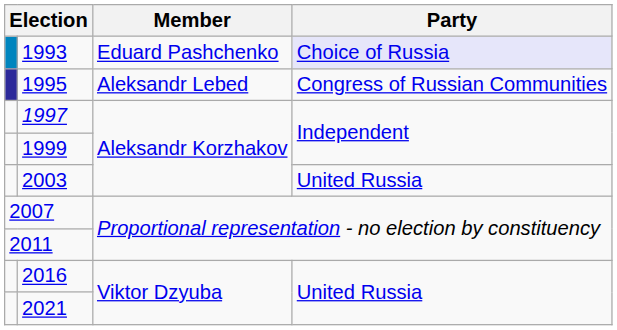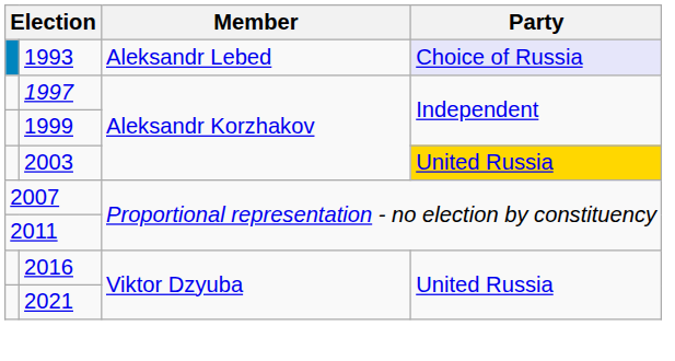 <table class="wikitable">
 <tr>
 <th colspan="2">Election</th>
 <th>Member</th>
 <th>Party</th>
 </tr>
 <tr>
 <td style="background-color:#0085BE"></td>
 <td><a href='#'>1993</a></td>
-<td><a href='#'>Eduard Pashchenko</a></td>
+<td><a href='#'>Aleksandr Lebed</a></td>
 <td style="background: lavender;"><a href='#'>Choice of Russia</a></td>
-</tr>
-<tr>
-<td style="background-color:#2C299A"></td>
-<td><a href='#'>1995</a></td>
-<td><a href='#'>Aleksandr Lebed</a></td>
-<td><a href='#'>Congress of Russian Communities</a></td>
 </tr>
 <tr>
 <td style="background-color:"></td>
 <td><em><a href='#'>1997</a></em></td>
 <td rowspan=3><a href='#'>Aleksandr Korzhakov</a></td>
 <td rowspan=2><a href='#'>Independent</a></td>
 </tr>
 <tr>
 <td style="background-color:"></td>
 <td><a href='#'>1999</a></td>
 </tr>
 <tr>
 <td style="background-color:"></td>
 <td><a href='#'>2003</a></td>
-<td><a href='#'>United Russia</a></td>
+<td style="background: gold;"><a href='#'>United Russia</a></td>
 </tr>
 <tr>
 <td colspan=2><a href='#'>2007</a></td>
 <td colspan=2 rowspan=2><em><a href='#'>Proportional representation</a> - no election by constituency</em></td>
 </tr>
 <tr>
 <td colspan=2><a href='#'>2011</a></td>
 </tr>
 <tr>
 <td style="background-color: "></td>
 <td><a href='#'>2016</a></td>
 <td rowspan=2><a href='#'>Viktor Dzyuba</a></td>
 <td rowspan=2><a href='#'>United Russia</a></td>
 </tr>
 <tr>
 <td style="background-color: "></td>
 <td><a href='#'>2021</a></td>
 </tr>
 </table>
